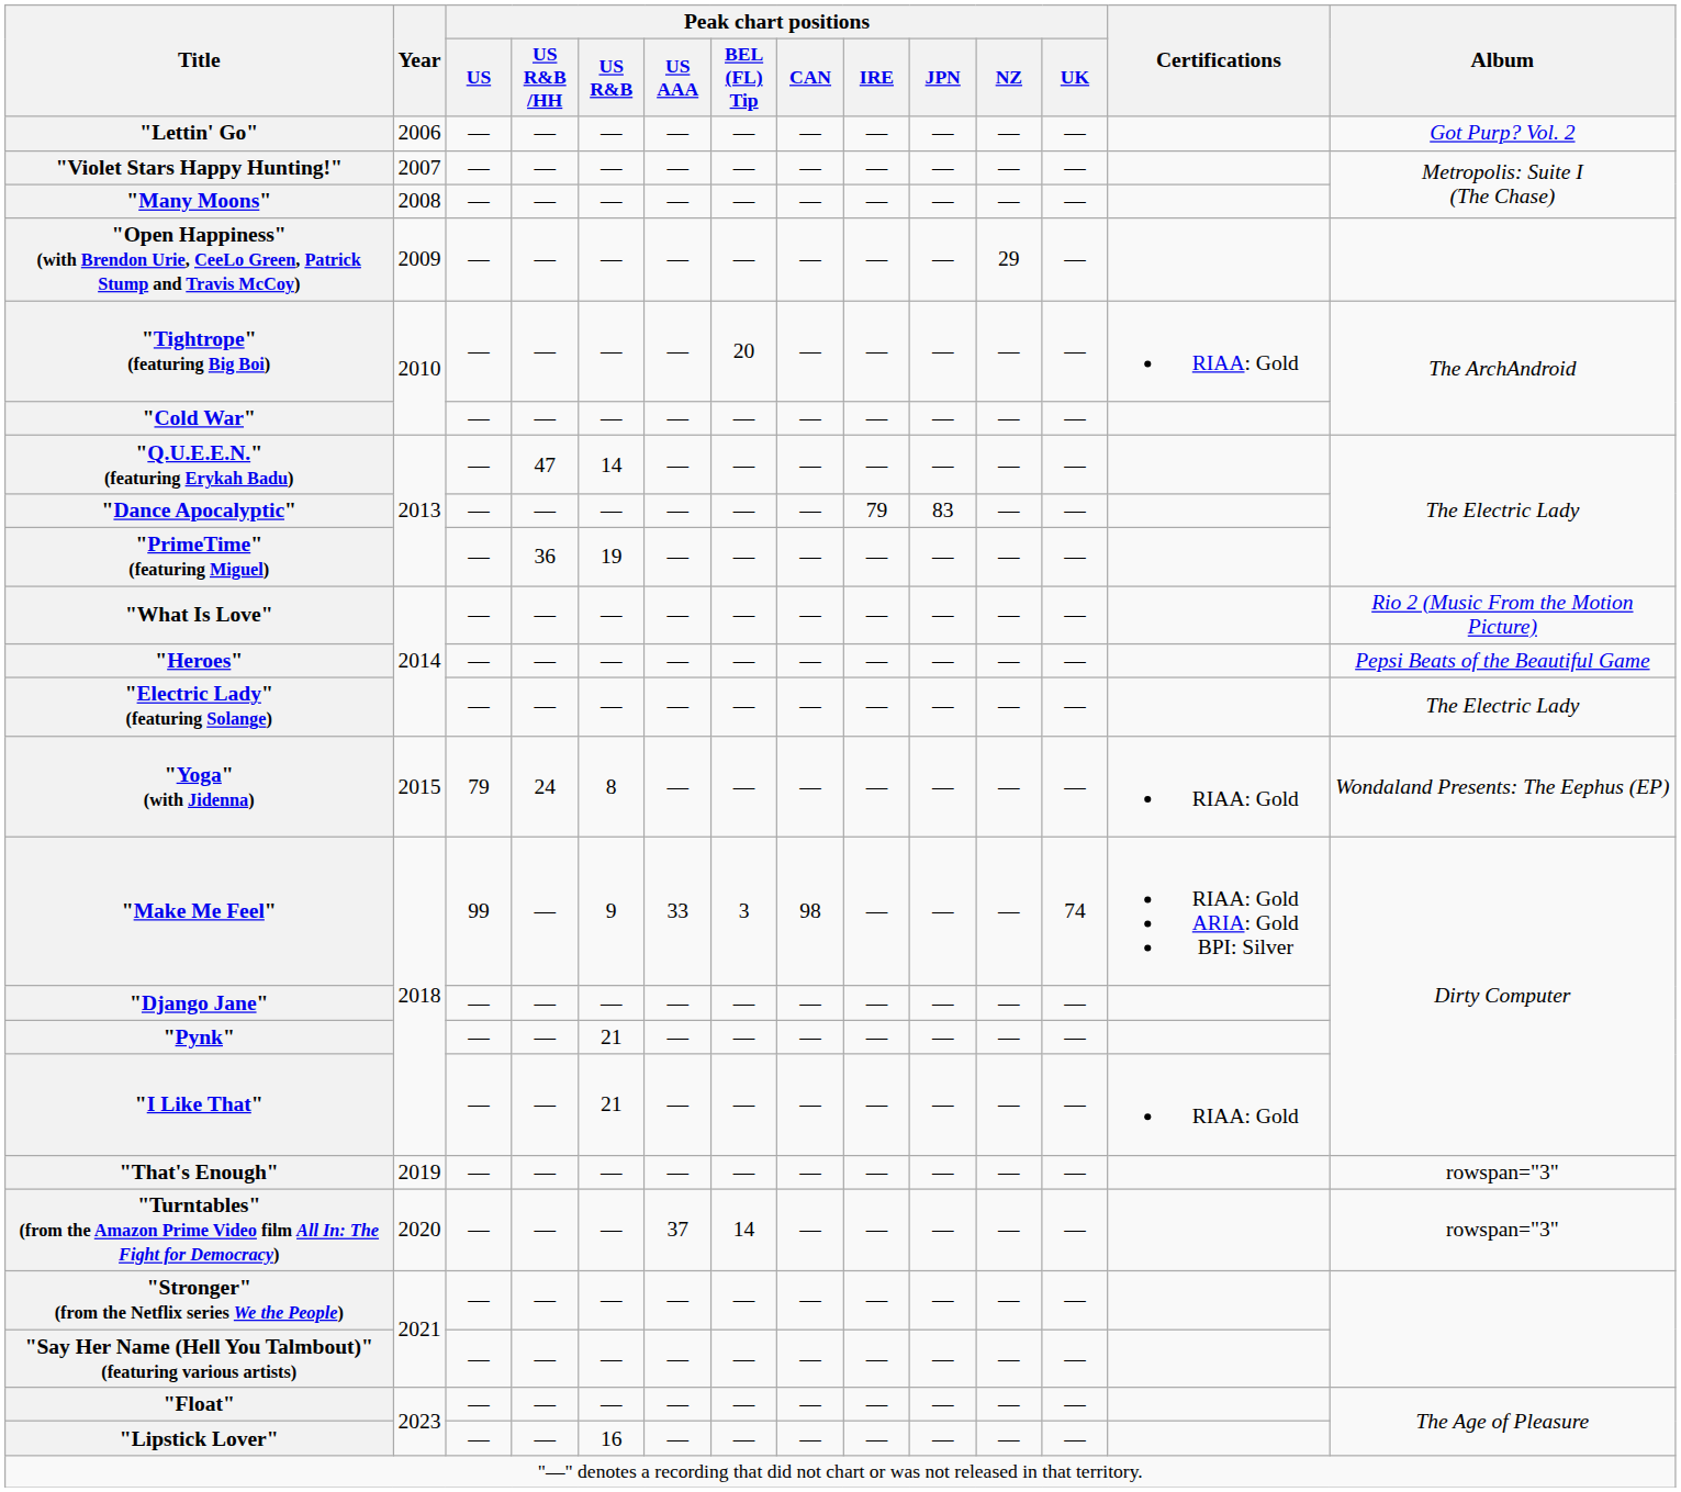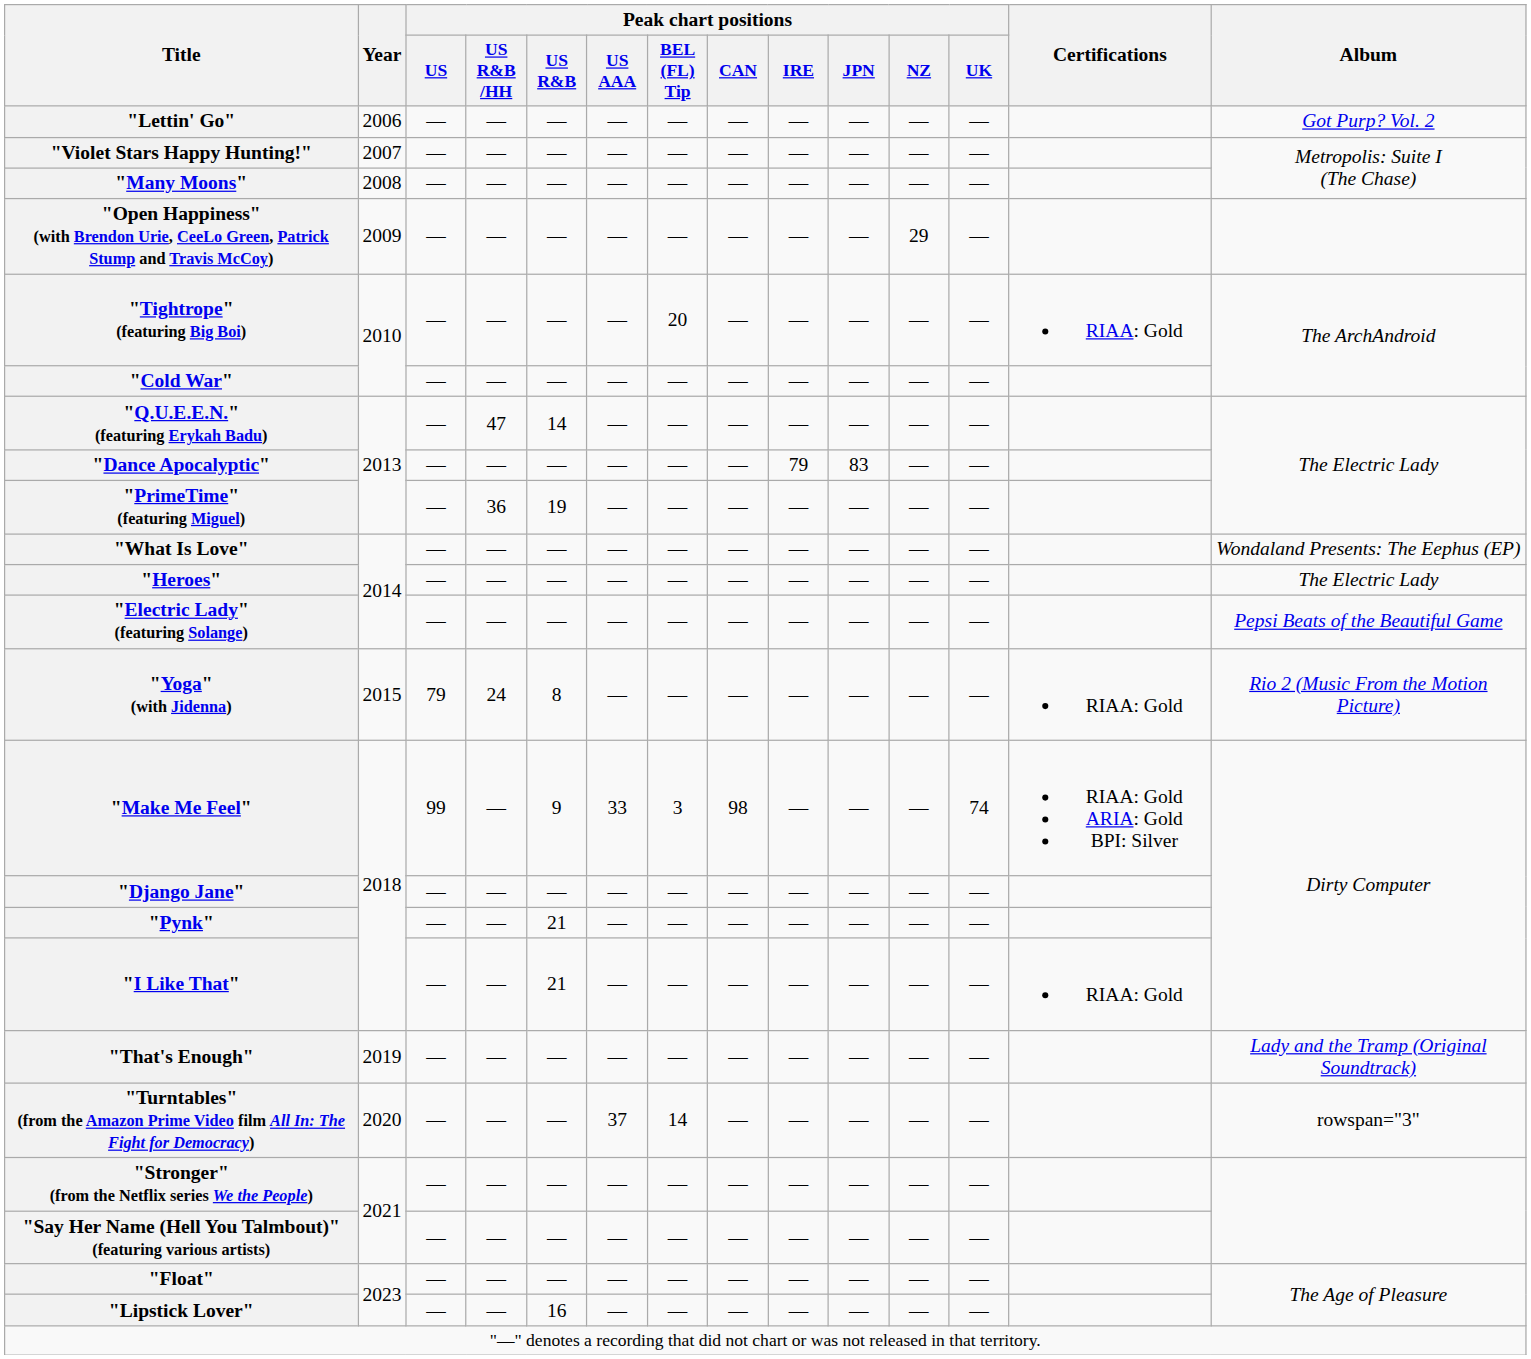 <table class="wikitable plainrowheaders" style="text-align:center;">
 <tr>
 <th scope="col" rowspan="2" style="width:18em;">Title</th>
 <th scope="col" rowspan="2" style="width:2em;">Year</th>
 <th scope="col" colspan="10">Peak chart positions</th>
 <th scope="col" rowspan="2" style="width:10em;">Certifications</th>
 <th scope="col" rowspan="2" style="width:16em;">Album</th>
 </tr>
 <tr>
 <th style="width:3em;font-size:90%;"><a href='#'>US</a><br></th>
 <th style="width:3em;font-size:90%;"><a href='#'>US<br>R&B<br>/HH</a><br></th>
 <th style="width:3em;font-size:90%;"><a href='#'>US<br>R&B</a><br></th>
 <th style="width:3em;font-size:90%;"><a href='#'>US<br>AAA</a><br></th>
 <th style="width:3em;font-size:90%;"><a href='#'>BEL<br>(FL)<br>Tip</a><br></th>
 <th style="width:3em;font-size:90%;"><a href='#'>CAN</a><br></th>
 <th style="width:3em;font-size:90%"><a href='#'>IRE</a><br></th>
 <th style="width:3em;font-size:90%"><a href='#'>JPN</a><br></th>
 <th style="width:3em;font-size:90%"><a href='#'>NZ</a><br></th>
 <th style="width:3em;font-size:90%"><a href='#'>UK</a><br></th>
 </tr>
 <tr>
 <th scope="row">"Lettin' Go"</th>
 <td>2006</td>
 <td>—</td>
 <td>—</td>
 <td>—</td>
 <td>—</td>
 <td>—</td>
 <td>—</td>
 <td>—</td>
 <td>—</td>
 <td>—</td>
 <td>—</td>
 <td></td>
 <td><em><a href='#'>Got Purp? Vol. 2</a></em></td>
 </tr>
 <tr>
 <th scope="row">"Violet Stars Happy Hunting!"</th>
 <td>2007</td>
 <td>—</td>
 <td>—</td>
 <td>—</td>
 <td>—</td>
 <td>—</td>
 <td>—</td>
 <td>—</td>
 <td>—</td>
 <td>—</td>
 <td>—</td>
 <td></td>
 <td rowspan="2"><em>Metropolis: Suite I<br>(The Chase)</em></td>
 </tr>
 <tr>
 <th scope="row">"<a href='#'>Many Moons</a>"</th>
 <td>2008</td>
 <td>—</td>
 <td>—</td>
 <td>—</td>
 <td>—</td>
 <td>—</td>
 <td>—</td>
 <td>—</td>
 <td>—</td>
 <td>—</td>
 <td>—</td>
 <td></td>
 </tr>
 <tr>
 <th scope="row">"Open Happiness"<br><small>(with <a href='#'>Brendon Urie</a>, <a href='#'>CeeLo Green</a>, <a href='#'>Patrick Stump</a> and <a href='#'>Travis McCoy</a>)</small></th>
 <td>2009</td>
 <td>—</td>
 <td>—</td>
 <td>—</td>
 <td>—</td>
 <td>—</td>
 <td>—</td>
 <td>—</td>
 <td>—</td>
 <td>29</td>
 <td>—</td>
 <td></td>
 <td></td>
 </tr>
 <tr>
 <th scope="row">"<a href='#'>Tightrope</a>"<br><small>(featuring <a href='#'>Big Boi</a>)</small></th>
 <td rowspan="2">2010</td>
 <td>—</td>
 <td>—</td>
 <td>—</td>
 <td>—</td>
 <td>20</td>
 <td>—</td>
 <td>—</td>
 <td>—</td>
 <td>—</td>
 <td>—</td>
 <td><br><ul><li><a href='#'>RIAA</a>: Gold</li></ul></td>
 <td rowspan="2"><em>The ArchAndroid</em></td>
 </tr>
 <tr>
 <th scope="row">"<a href='#'>Cold War</a>"</th>
 <td>—</td>
 <td>—</td>
 <td>—</td>
 <td>—</td>
 <td>—</td>
 <td>—</td>
 <td>—</td>
 <td>—</td>
 <td>—</td>
 <td>—</td>
 <td></td>
 </tr>
 <tr>
 <th scope="row">"<a href='#'>Q.U.E.E.N.</a>"<br><small>(featuring <a href='#'>Erykah Badu</a>)</small></th>
 <td rowspan="3">2013</td>
 <td>—</td>
 <td>47</td>
 <td>14</td>
 <td>—</td>
 <td>—</td>
 <td>—</td>
 <td>—</td>
 <td>—</td>
 <td>—</td>
 <td>—</td>
 <td></td>
 <td rowspan="3"><em>The Electric Lady</em></td>
 </tr>
 <tr>
 <th scope="row">"<a href='#'>Dance Apocalyptic</a>"</th>
 <td>—</td>
 <td>—</td>
 <td>—</td>
 <td>—</td>
 <td>—</td>
 <td>—</td>
 <td>79</td>
 <td>83</td>
 <td>—</td>
 <td>—</td>
 <td></td>
 </tr>
 <tr>
 <th scope="row">"<a href='#'>PrimeTime</a>"<br><small>(featuring <a href='#'>Miguel</a>)</small></th>
 <td>—</td>
 <td>36</td>
 <td>19</td>
 <td>—</td>
 <td>—</td>
 <td>—</td>
 <td>—</td>
 <td>—</td>
 <td>—</td>
 <td>—</td>
 <td></td>
 </tr>
 <tr>
 <th scope="row">"What Is Love"</th>
 <td rowspan="3">2014</td>
 <td>—</td>
 <td>—</td>
 <td>—</td>
 <td>—</td>
 <td>—</td>
 <td>—</td>
 <td>—</td>
 <td>—</td>
 <td>—</td>
 <td>—</td>
 <td></td>
-<td><em><a href='#'>Rio 2 (Music From the Motion Picture)</a></em></td>
+<td><em>Wondaland Presents: The Eephus (EP)</em></td>
 </tr>
 <tr>
 <th scope="row">"<a href='#'>Heroes</a>"</th>
 <td>—</td>
 <td>—</td>
 <td>—</td>
 <td>—</td>
 <td>—</td>
 <td>—</td>
 <td>—</td>
 <td>—</td>
 <td>—</td>
 <td>—</td>
 <td></td>
-<td><em><a href='#'>Pepsi Beats of the Beautiful Game</a></em></td>
+<td><em>The Electric Lady</em></td>
 </tr>
 <tr>
 <th scope="row">"<a href='#'>Electric Lady</a>"<br><small>(featuring <a href='#'>Solange</a>)</small></th>
 <td>—</td>
 <td>—</td>
 <td>—</td>
 <td>—</td>
 <td>—</td>
 <td>—</td>
 <td>—</td>
 <td>—</td>
 <td>—</td>
 <td>—</td>
 <td></td>
-<td><em>The Electric Lady</em></td>
+<td><em><a href='#'>Pepsi Beats of the Beautiful Game</a></em></td>
 </tr>
 <tr>
 <th scope="row">"<a href='#'>Yoga</a>"<br><small>(with <a href='#'>Jidenna</a>)</small></th>
 <td>2015</td>
 <td>79</td>
 <td>24</td>
 <td>8</td>
 <td>—</td>
 <td>—</td>
 <td>—</td>
 <td>—</td>
 <td>—</td>
 <td>—</td>
 <td>—</td>
 <td><br><ul><li>RIAA: Gold</li></ul></td>
-<td><em>Wondaland Presents: The Eephus (EP)</em></td>
+<td><em><a href='#'>Rio 2 (Music From the Motion Picture)</a></em></td>
 </tr>
 <tr>
 <th scope="row">"<a href='#'>Make Me Feel</a>"</th>
 <td rowspan="4">2018</td>
 <td>99</td>
 <td>—</td>
 <td>9</td>
 <td>33</td>
 <td>3</td>
 <td>98</td>
 <td>—</td>
 <td>—</td>
 <td>—</td>
 <td>74</td>
 <td><br><ul><li>RIAA: Gold</li><li><a href='#'>ARIA</a>: Gold</li><li>BPI: Silver</li></ul></td>
 <td rowspan="4"><em>Dirty Computer</em></td>
 </tr>
 <tr>
 <th scope="row">"<a href='#'>Django Jane</a>"</th>
 <td>—</td>
 <td>—</td>
 <td>—</td>
 <td>—</td>
 <td>—</td>
 <td>—</td>
 <td>—</td>
 <td>—</td>
 <td>—</td>
 <td>—</td>
 <td></td>
 </tr>
 <tr>
 <th scope="row">"<a href='#'>Pynk</a>"<br></th>
 <td>—</td>
 <td>—</td>
 <td>21</td>
 <td>—</td>
 <td>—</td>
 <td>—</td>
 <td>—</td>
 <td>—</td>
 <td>—</td>
 <td>—</td>
 <td></td>
 </tr>
 <tr>
 <th scope="row">"<a href='#'>I Like That</a>"</th>
 <td>—</td>
 <td>—</td>
 <td>21</td>
 <td>—</td>
 <td>—</td>
 <td>—</td>
 <td>—</td>
 <td>—</td>
 <td>—</td>
 <td>—</td>
 <td><br><ul><li>RIAA: Gold</li></ul></td>
 </tr>
 <tr>
 <th scope="row">"That's Enough"</th>
 <td>2019</td>
 <td>—</td>
 <td>—</td>
 <td>—</td>
 <td>—</td>
 <td>—</td>
 <td>—</td>
 <td>—</td>
 <td>—</td>
 <td>—</td>
 <td>—</td>
 <td></td>
-<td>rowspan="3" </td>
+<td><em><a href='#'>Lady and the Tramp (Original Soundtrack)</a></em></td>
 </tr>
 <tr>
 <th scope="row">"Turntables"<br><small>(from the <a href='#'>Amazon Prime Video</a> film <em><a href='#'>All In: The Fight for Democracy</a></em>)</small></th>
 <td>2020</td>
 <td>—</td>
 <td>—</td>
 <td>—</td>
 <td>37</td>
 <td>14</td>
 <td>—</td>
 <td>—</td>
 <td>—</td>
 <td>—</td>
 <td>—</td>
 <td></td>
 <td>rowspan="3" </td>
 </tr>
 <tr>
 <th scope="row">"Stronger"<br><small>(from the Netflix series <em><a href='#'>We the People</a></em>)</small></th>
 <td rowspan="2">2021</td>
 <td>—</td>
 <td>—</td>
 <td>—</td>
 <td>—</td>
 <td>—</td>
 <td>—</td>
 <td>—</td>
 <td>—</td>
 <td>—</td>
 <td>—</td>
 <td></td>
 </tr>
 <tr>
 <th scope="row">"Say Her Name (Hell You Talmbout)"<br><small>(featuring various artists)</small></th>
 <td>—</td>
 <td>—</td>
 <td>—</td>
 <td>—</td>
 <td>—</td>
 <td>—</td>
 <td>—</td>
 <td>—</td>
 <td>—</td>
 <td>—</td>
 <td></td>
 </tr>
 <tr>
 <th scope="row">"Float"<br></th>
 <td rowspan="2">2023</td>
 <td>—</td>
 <td>—</td>
 <td>—</td>
 <td>—</td>
 <td>—</td>
 <td>—</td>
 <td>—</td>
 <td>—</td>
 <td>—</td>
 <td>—</td>
 <td></td>
 <td rowspan="2"><em>The Age of Pleasure</em></td>
 </tr>
 <tr>
 <th scope="row">"Lipstick Lover"</th>
 <td>—</td>
 <td>—</td>
 <td>16</td>
 <td>—</td>
 <td>—</td>
 <td>—</td>
 <td>—</td>
 <td>—</td>
 <td>—</td>
 <td>—</td>
 <td></td>
 </tr>
 <tr>
 <td colspan="15" style="font-size:90%">"—" denotes a recording that did not chart or was not released in that territory.</td>
 </tr>
 </table>
